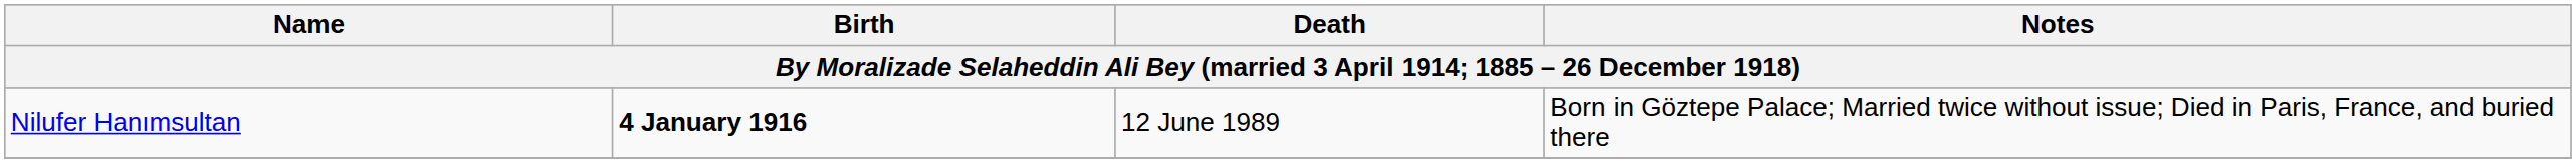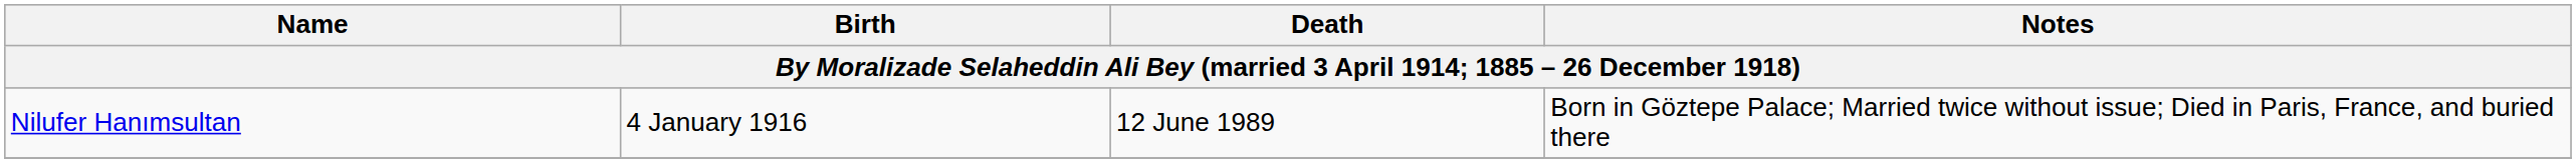 <table class="wikitable">
 <tr>
 <th>Name</th>
 <th>Birth</th>
 <th>Death</th>
 <th style="width:40%;">Notes</th>
 </tr>
 <tr>
 <th colspan="4"><strong><em>By Moralizade Selaheddin Ali Bey</em></strong> (married 3 April 1914; 1885 – 26 December 1918)</th>
 </tr>
 <tr>
 <td><a href='#'>Nilufer Hanımsultan</a></td>
-<td><strong>4 January 1916</strong></td>
+<td>4 January 1916</td>
 <td>12 June 1989</td>
 <td>Born in Göztepe Palace;  Married twice without issue; Died in Paris, France, and buried there</td>
 </tr>
 <tr>
 </tr>
 </table>
